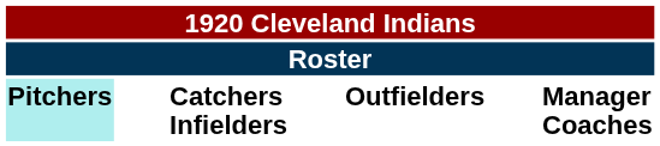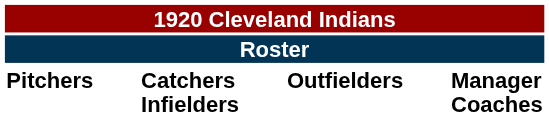 <table class="toccolours" style="font-size: 95%;">
 <tr>
 <th colspan="10" style="background:#900; color:white; text-align:center;">1920 Cleveland Indians</th>
 </tr>
 <tr>
 <td colspan="10" style="background:#023456; color:white; text-align:center;"><strong>Roster</strong></td>
 </tr>
 <tr>
-<td valign="top" style="background: paleturquoise;"><strong>Pitchers</strong><br>            </td>
+<td valign="top"><strong>Pitchers</strong><br>            </td>
 <td style="width:25px;"></td>
 <td valign="top"><strong>Catchers</strong><br>   <strong>Infielders</strong>       </td>
 <td style="width:25px;"></td>
 <td valign="top"><strong>Outfielders</strong><br>     </td>
 <td style="width:25px;"></td>
 <td valign="top"><strong>Manager</strong><br> <strong>Coaches</strong> </td>
 </tr>
 </table>
